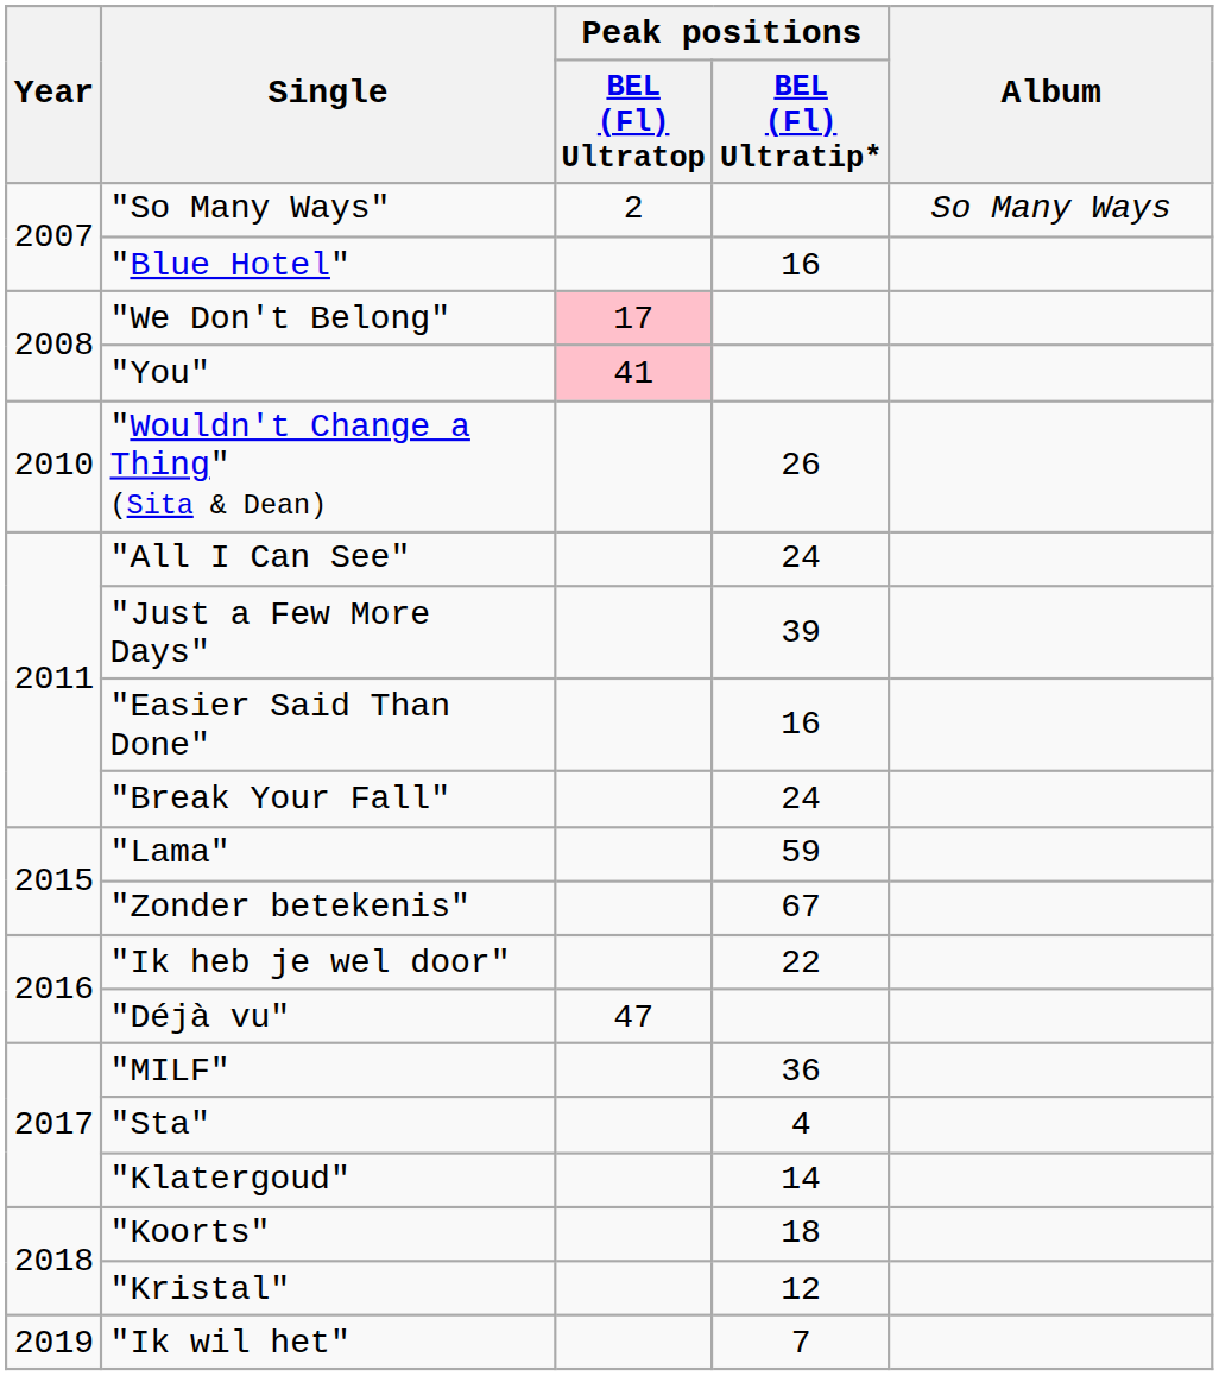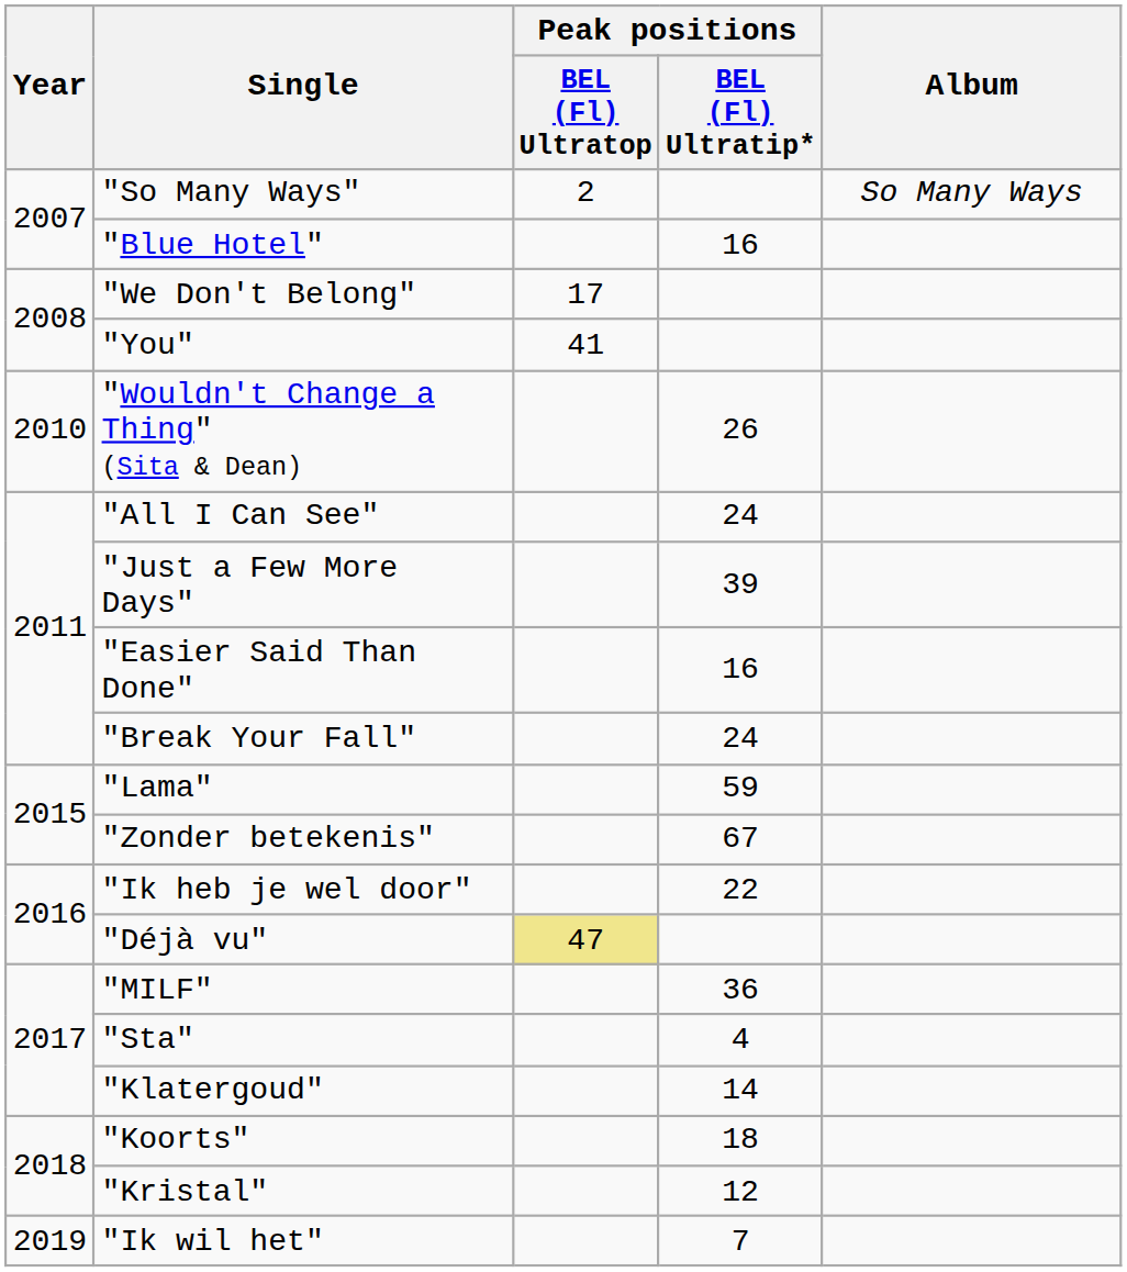 <table class="wikitable">
 <tr>
 <th align="center" rowspan="2" width="10">Year</th>
 <th align="center" rowspan="2" width="170">Single</th>
 <th align="center" colspan="2" width="20">Peak positions</th>
 <th align="center" rowspan="2" width="120">Album</th>
 </tr>
 <tr>
 <th scope="col" style="width:3em;font-size:90%;"><a href='#'>BEL<br>(Fl)</a><br>Ultratop<br></th>
 <th scope="col" style="width:3em;font-size:90%;"><a href='#'>BEL<br>(Fl)</a><br>Ultratip*<br></th>
 </tr>
 <tr>
 <td style="text-align:center;" rowspan=2>2007</td>
 <td>"So Many Ways"</td>
 <td style="text-align:center;">2</td>
 <td style="text-align:center;"></td>
 <td style="text-align:center;" rowspan=1><em>So Many Ways</em></td>
 </tr>
 <tr>
 <td>"<a href='#'>Blue Hotel</a>"</td>
 <td style="text-align:center;"></td>
 <td style="text-align:center;">16</td>
 <td style="text-align:center;"></td>
 </tr>
 <tr>
 <td style="text-align:center;" rowspan=2>2008</td>
 <td>"We Don't Belong"</td>
-<td style="background: pink; text-align:center;">17</td>
+<td style="text-align:center;">17</td>
 <td style="text-align:center;"></td>
 <td style="text-align:center;"></td>
 </tr>
 <tr>
 <td>"You"</td>
-<td style="background: pink; text-align:center;">41</td>
+<td style="text-align:center;">41</td>
 <td style="text-align:center;"></td>
 <td style="text-align:center;"></td>
 </tr>
 <tr>
 <td style="text-align:center;" rowspan=1>2010</td>
 <td>"<a href='#'>Wouldn't Change a Thing</a>"<br><small>(<a href='#'>Sita</a> & Dean)</small></td>
 <td style="text-align:center;"></td>
 <td style="text-align:center;">26</td>
 <td style="text-align:center;"></td>
 </tr>
 <tr>
 <td style="text-align:center;" rowspan=4>2011</td>
 <td>"All I Can See"</td>
 <td style="text-align:center;"></td>
 <td style="text-align:center;">24</td>
 <td style="text-align:center;"></td>
 </tr>
 <tr>
 <td>"Just a Few More Days"</td>
 <td style="text-align:center;"></td>
 <td style="text-align:center;">39</td>
 <td style="text-align:center;"></td>
 </tr>
 <tr>
 <td>"Easier Said Than Done"</td>
 <td style="text-align:center;"></td>
 <td style="text-align:center;">16</td>
 <td style="text-align:center;"></td>
 </tr>
 <tr>
 <td>"Break Your Fall"</td>
 <td style="text-align:center;"></td>
 <td style="text-align:center;">24</td>
 <td style="text-align:center;"></td>
 </tr>
 <tr>
 <td style="text-align:center;" rowspan=2>2015</td>
 <td>"Lama"</td>
 <td style="text-align:center;"></td>
 <td style="text-align:center;">59</td>
 <td style="text-align:center;"></td>
 </tr>
 <tr>
 <td>"Zonder betekenis"</td>
 <td style="text-align:center;"></td>
 <td style="text-align:center;">67</td>
 <td style="text-align:center;"></td>
 </tr>
 <tr>
 <td style="text-align:center;" rowspan=2>2016</td>
 <td>"Ik heb je wel door"</td>
 <td style="text-align:center;"></td>
 <td style="text-align:center;">22</td>
 <td style="text-align:center;"></td>
 </tr>
 <tr>
 <td>"Déjà vu"</td>
-<td style="text-align:center;">47</td>
+<td style="background: khaki; text-align:center;">47</td>
 <td style="text-align:center;"></td>
 <td style="text-align:center;"></td>
 </tr>
 <tr>
 <td style="text-align:center;" rowspan=3>2017</td>
 <td>"MILF"</td>
 <td style="text-align:center;"></td>
 <td style="text-align:center;">36</td>
 <td style="text-align:center;"></td>
 </tr>
 <tr>
 <td>"Sta"</td>
 <td style="text-align:center;"></td>
 <td style="text-align:center;">4</td>
 <td style="text-align:center;"></td>
 </tr>
 <tr>
 <td>"Klatergoud"</td>
 <td style="text-align:center;"></td>
 <td style="text-align:center;">14</td>
 <td style="text-align:center;"></td>
 </tr>
 <tr>
 <td style="text-align:center;" rowspan=2>2018</td>
 <td>"Koorts"</td>
 <td style="text-align:center;"></td>
 <td style="text-align:center;">18</td>
 <td style="text-align:center;"></td>
 </tr>
 <tr>
 <td>"Kristal"</td>
 <td style="text-align:center;"></td>
 <td style="text-align:center;">12</td>
 <td style="text-align:center;"></td>
 </tr>
 <tr>
 <td style="text-align:center;">2019</td>
 <td>"Ik wil het"</td>
 <td style="text-align:center;"></td>
 <td style="text-align:center;">7</td>
 <td style="text-align:center;"></td>
 </tr>
 </table>
